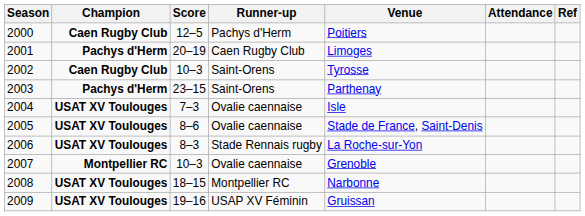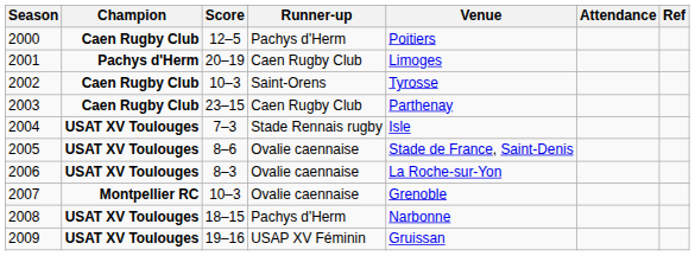 <table class="wikitable">
 <tr>
 <th>Season</th>
 <th> Champion</th>
 <th>Score</th>
 <th> Runner-up</th>
 <th>Venue</th>
 <th>Attendance</th>
 <th>Ref</th>
 </tr>
 <tr>
 <td>2000</td>
 <td style="text-align:right;"><strong>Caen Rugby Club</strong></td>
 <td style="text-align:center;">12–5</td>
 <td style="text-align:left;">Pachys d'Herm</td>
 <td><a href='#'>Poitiers</a></td>
 <td></td>
 <td></td>
 </tr>
 <tr>
 <td>2001</td>
 <td style="text-align:right;"><strong>Pachys d'Herm</strong></td>
 <td style="text-align:center;">20–19</td>
 <td style="text-align:left;">Caen Rugby Club</td>
 <td><a href='#'>Limoges</a></td>
 <td></td>
 <td></td>
 </tr>
 <tr>
 <td>2002</td>
 <td style="text-align:right;"><strong>Caen Rugby Club</strong></td>
 <td style="text-align:center;">10–3</td>
 <td style="text-align:left;">Saint-Orens</td>
 <td><a href='#'>Tyrosse</a></td>
 <td></td>
 <td></td>
 </tr>
 <tr>
 <td>2003</td>
-<td style="text-align:right;"><strong>Pachys d'Herm</strong></td>
+<td style="text-align:right;"><strong>Caen Rugby Club</strong></td>
 <td style="text-align:center;">23–15</td>
-<td style="text-align:left;">Saint-Orens</td>
+<td style="text-align:left;">Caen Rugby Club</td>
 <td><a href='#'>Parthenay</a></td>
 <td></td>
 <td></td>
 </tr>
 <tr>
 <td>2004</td>
 <td style="text-align:right;"><strong>USAT XV Toulouges</strong></td>
 <td style="text-align:center;">7–3</td>
-<td style="text-align:left;">Ovalie caennaise</td>
+<td style="text-align:left;">Stade Rennais rugby</td>
 <td><a href='#'>Isle</a></td>
 <td></td>
 <td></td>
 </tr>
 <tr>
 <td>2005</td>
 <td style="text-align:right;"><strong>USAT XV Toulouges</strong></td>
 <td style="text-align:center;">8–6</td>
 <td style="text-align:left;">Ovalie caennaise</td>
 <td><a href='#'>Stade de France</a>, <a href='#'>Saint-Denis</a></td>
 <td></td>
 <td></td>
 </tr>
 <tr>
 <td>2006</td>
 <td style="text-align:right;"><strong>USAT XV Toulouges</strong></td>
 <td style="text-align:center;">8–3</td>
-<td style="text-align:left;">Stade Rennais rugby</td>
+<td style="text-align:left;">Ovalie caennaise</td>
 <td><a href='#'>La Roche-sur-Yon</a></td>
 <td></td>
 <td></td>
 </tr>
 <tr>
 <td>2007</td>
 <td style="text-align:right;"><strong>Montpellier RC</strong></td>
 <td style="text-align:center;">10–3</td>
 <td style="text-align:left;">Ovalie caennaise</td>
 <td><a href='#'>Grenoble</a></td>
 <td></td>
 <td></td>
 </tr>
 <tr>
 <td>2008</td>
 <td style="text-align:right;"><strong>USAT XV Toulouges</strong></td>
 <td style="text-align:center;">18–15</td>
-<td style="text-align:left;">Montpellier RC</td>
+<td style="text-align:left;">Pachys d'Herm</td>
 <td><a href='#'>Narbonne</a></td>
 <td></td>
 <td></td>
 </tr>
 <tr>
 <td>2009</td>
 <td style="text-align:right;"><strong>USAT XV Toulouges</strong></td>
 <td style="text-align:center;">19–16</td>
 <td style="text-align:left;">USAP XV Féminin</td>
 <td><a href='#'>Gruissan</a></td>
 <td></td>
 </tr>
 </table>
